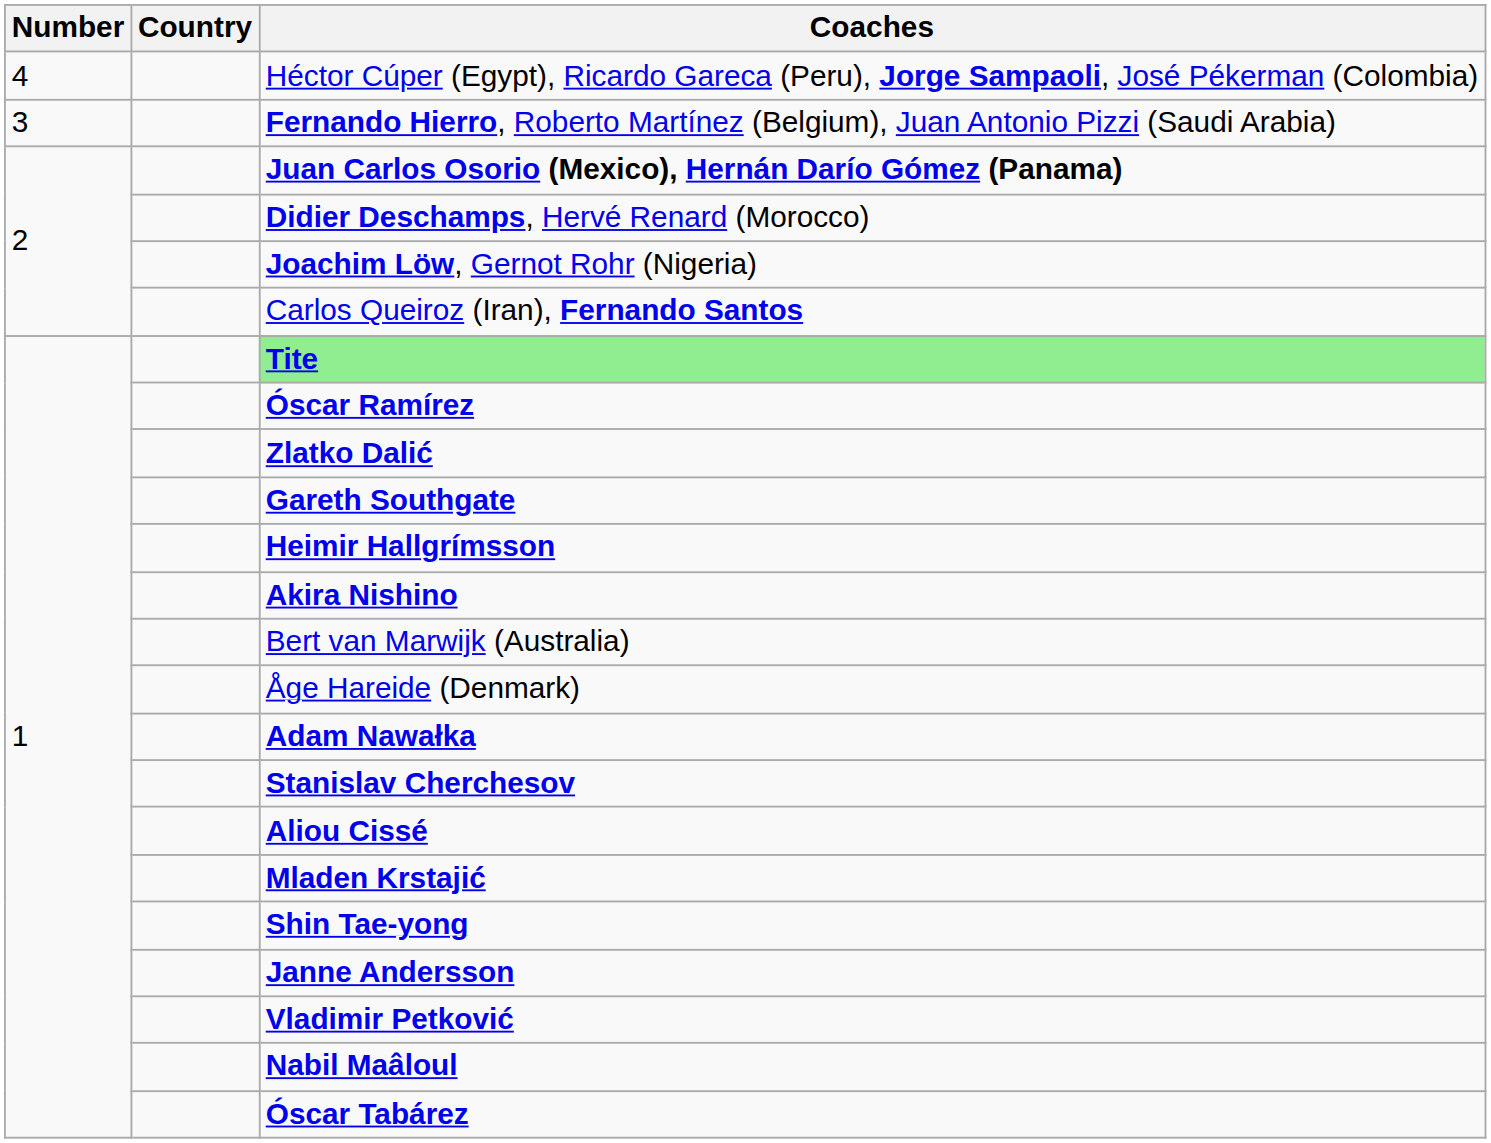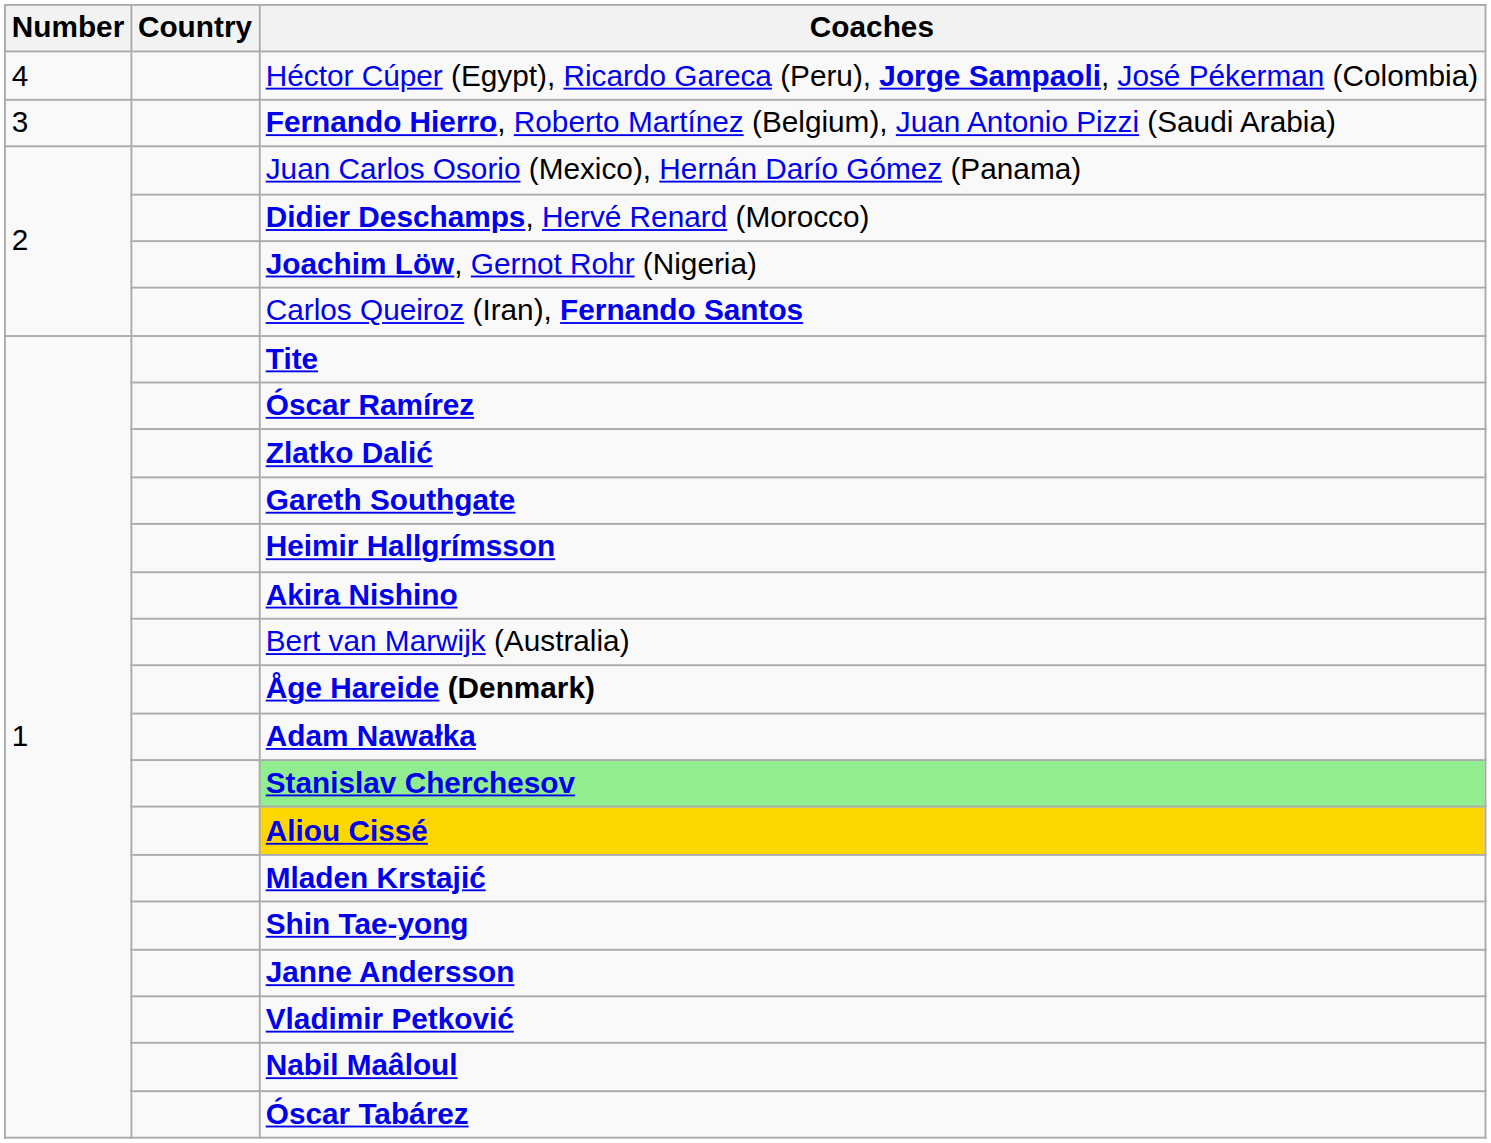 <table class="wikitable">
 <tr>
 <th>Number</th>
 <th>Country</th>
 <th>Coaches</th>
 </tr>
 <tr>
 <td>4</td>
 <td></td>
 <td><a href='#'>Héctor Cúper</a> (Egypt), <a href='#'>Ricardo Gareca</a> (Peru), <strong><a href='#'>Jorge Sampaoli</a></strong>, <a href='#'>José Pékerman</a> (Colombia)</td>
 </tr>
 <tr>
 <td>3</td>
 <td></td>
 <td><strong><a href='#'>Fernando Hierro</a></strong>, <a href='#'>Roberto Martínez</a> (Belgium), <a href='#'>Juan Antonio Pizzi</a> (Saudi Arabia)</td>
 </tr>
 <tr>
 <td rowspan="4">2</td>
 <td></td>
-<td><strong><a href='#'>Juan Carlos Osorio</a> (Mexico), <a href='#'>Hernán Darío Gómez</a> (Panama)</strong></td>
+<td><a href='#'>Juan Carlos Osorio</a> (Mexico), <a href='#'>Hernán Darío Gómez</a> (Panama)</td>
 </tr>
 <tr>
 <td></td>
 <td><strong><a href='#'>Didier Deschamps</a></strong>, <a href='#'>Hervé Renard</a> (Morocco)</td>
 </tr>
 <tr>
 <td></td>
 <td><strong><a href='#'>Joachim Löw</a></strong>, <a href='#'>Gernot Rohr</a> (Nigeria)</td>
 </tr>
 <tr>
 <td></td>
 <td><a href='#'>Carlos Queiroz</a> (Iran), <strong><a href='#'>Fernando Santos</a></strong></td>
 </tr>
 <tr>
 <td rowspan="17">1</td>
 <td></td>
-<td style="background: lightgreen;"><strong><a href='#'>Tite</a></strong></td>
+<td><strong><a href='#'>Tite</a></strong></td>
 </tr>
 <tr>
 <td></td>
 <td><strong><a href='#'>Óscar Ramírez</a></strong></td>
 </tr>
 <tr>
 <td></td>
 <td><strong><a href='#'>Zlatko Dalić</a></strong></td>
 </tr>
 <tr>
 <td></td>
 <td><strong><a href='#'>Gareth Southgate</a></strong></td>
 </tr>
 <tr>
 <td></td>
 <td><strong><a href='#'>Heimir Hallgrímsson</a></strong></td>
 </tr>
 <tr>
 <td></td>
 <td><strong><a href='#'>Akira Nishino</a></strong></td>
 </tr>
 <tr>
 <td></td>
 <td><a href='#'>Bert van Marwijk</a> (Australia)</td>
 </tr>
 <tr>
 <td></td>
-<td><a href='#'>Åge Hareide</a> (Denmark)</td>
+<td><strong><a href='#'>Åge Hareide</a> (Denmark)</strong></td>
 </tr>
 <tr>
 <td></td>
 <td><strong><a href='#'>Adam Nawałka</a></strong></td>
 </tr>
 <tr>
 <td></td>
-<td><strong><a href='#'>Stanislav Cherchesov</a></strong></td>
+<td style="background: lightgreen;"><strong><a href='#'>Stanislav Cherchesov</a></strong></td>
 </tr>
 <tr>
 <td></td>
-<td><strong><a href='#'>Aliou Cissé</a></strong></td>
+<td style="background: gold;"><strong><a href='#'>Aliou Cissé</a></strong></td>
 </tr>
 <tr>
 <td></td>
 <td><strong><a href='#'>Mladen Krstajić</a></strong></td>
 </tr>
 <tr>
 <td></td>
 <td><strong><a href='#'>Shin Tae-yong</a></strong></td>
 </tr>
 <tr>
 <td></td>
 <td><strong><a href='#'>Janne Andersson</a></strong></td>
 </tr>
 <tr>
 <td></td>
 <td><strong><a href='#'>Vladimir Petković</a></strong></td>
 </tr>
 <tr>
 <td></td>
 <td><strong><a href='#'>Nabil Maâloul</a></strong></td>
 </tr>
 <tr>
 <td></td>
 <td><strong><a href='#'>Óscar Tabárez</a></strong></td>
 </tr>
 </table>
